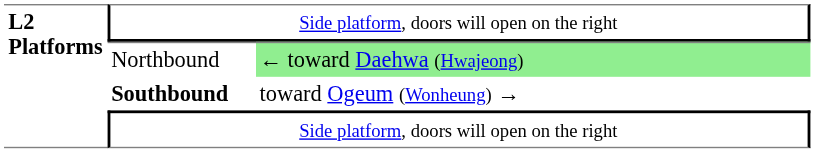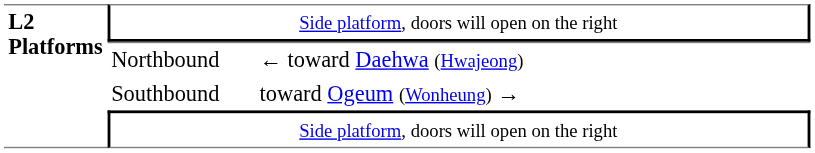 <table table border=0 cellspacing=0 cellpadding=3>
 <tr>
 <td style="border-top:solid 1px gray;border-bottom:solid 1px gray;" width=50 rowspan=10 valign=top><strong>L2<br>Platforms</strong></td>
 <td style="border-top:solid 1px gray;border-right:solid 2px black;border-left:solid 2px black;border-bottom:solid 2px black;text-align:center;" colspan=2><small><a href='#'>Side platform</a>, doors will open on the right </small></td>
 </tr>
 <tr>
 <td style="border-bottom:solid 0px gray;border-top:solid 1px gray;" width=100>Northbound</td>
-<td style="background: lightgreen; border-bottom:solid 0px gray;border-top:solid 1px gray;" width=390>←  toward <a href='#'>Daehwa</a> <small>(<a href='#'>Hwajeong</a>)</small></td>
+<td style="border-bottom:solid 0px gray;border-top:solid 1px gray;" width=390>←  toward <a href='#'>Daehwa</a> <small>(<a href='#'>Hwajeong</a>)</small></td>
 </tr>
 <tr>
-<td><strong>Southbound</strong></td>
+<td>Southbound</td>
 <td>  toward <a href='#'>Ogeum</a> <small>(<a href='#'>Wonheung</a>)</small> →</td>
 </tr>
 <tr>
 <td style="border-top:solid 2px black;border-right:solid 2px black;border-left:solid 2px black;border-bottom:solid 1px gray;text-align:center;" colspan=2><small><a href='#'>Side platform</a>, doors will open on the right </small></td>
 </tr>
 </table>
